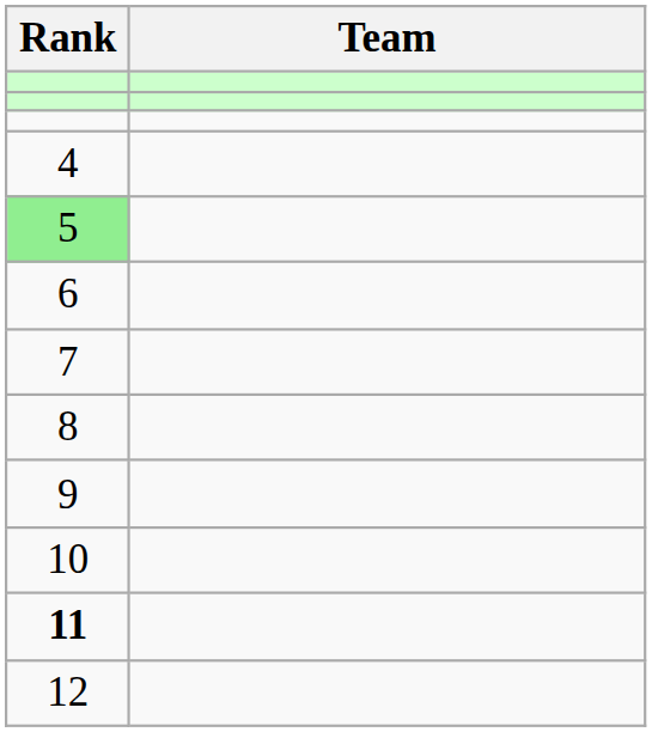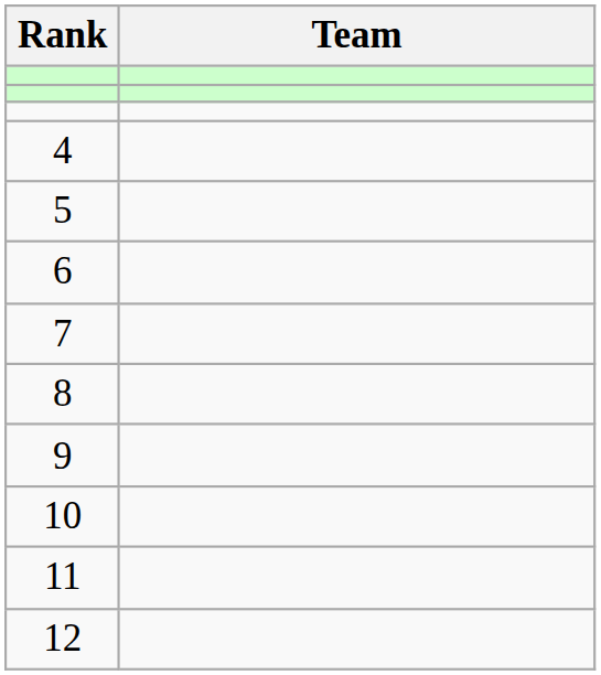 <table class="wikitable" style="text-align: center;">
 <tr>
 <th width=40>Rank</th>
 <th width=190>Team</th>
 </tr>
 <tr bgcolor=ccffcc>
 <td></td>
 <td align=left></td>
 </tr>
 <tr bgcolor=ccffcc>
 <td></td>
 <td align=left></td>
 </tr>
 <tr>
 <td></td>
 <td align=left></td>
 </tr>
 <tr>
 <td>4</td>
 <td align=left></td>
 </tr>
 <tr>
-<td style="background: lightgreen;">5</td>
+<td>5</td>
 <td align=left></td>
 </tr>
 <tr>
 <td>6</td>
 <td align=left></td>
 </tr>
 <tr>
 <td>7</td>
 <td align=left></td>
 </tr>
 <tr>
 <td>8</td>
 <td align=left></td>
 </tr>
 <tr>
 <td>9</td>
 <td align=left></td>
 </tr>
 <tr>
 <td>10</td>
 <td align=left></td>
 </tr>
 <tr>
-<td><strong>11</strong></td>
+<td>11</td>
 <td align=left></td>
 </tr>
 <tr>
 <td>12</td>
 <td align=left></td>
 </tr>
 </table>
